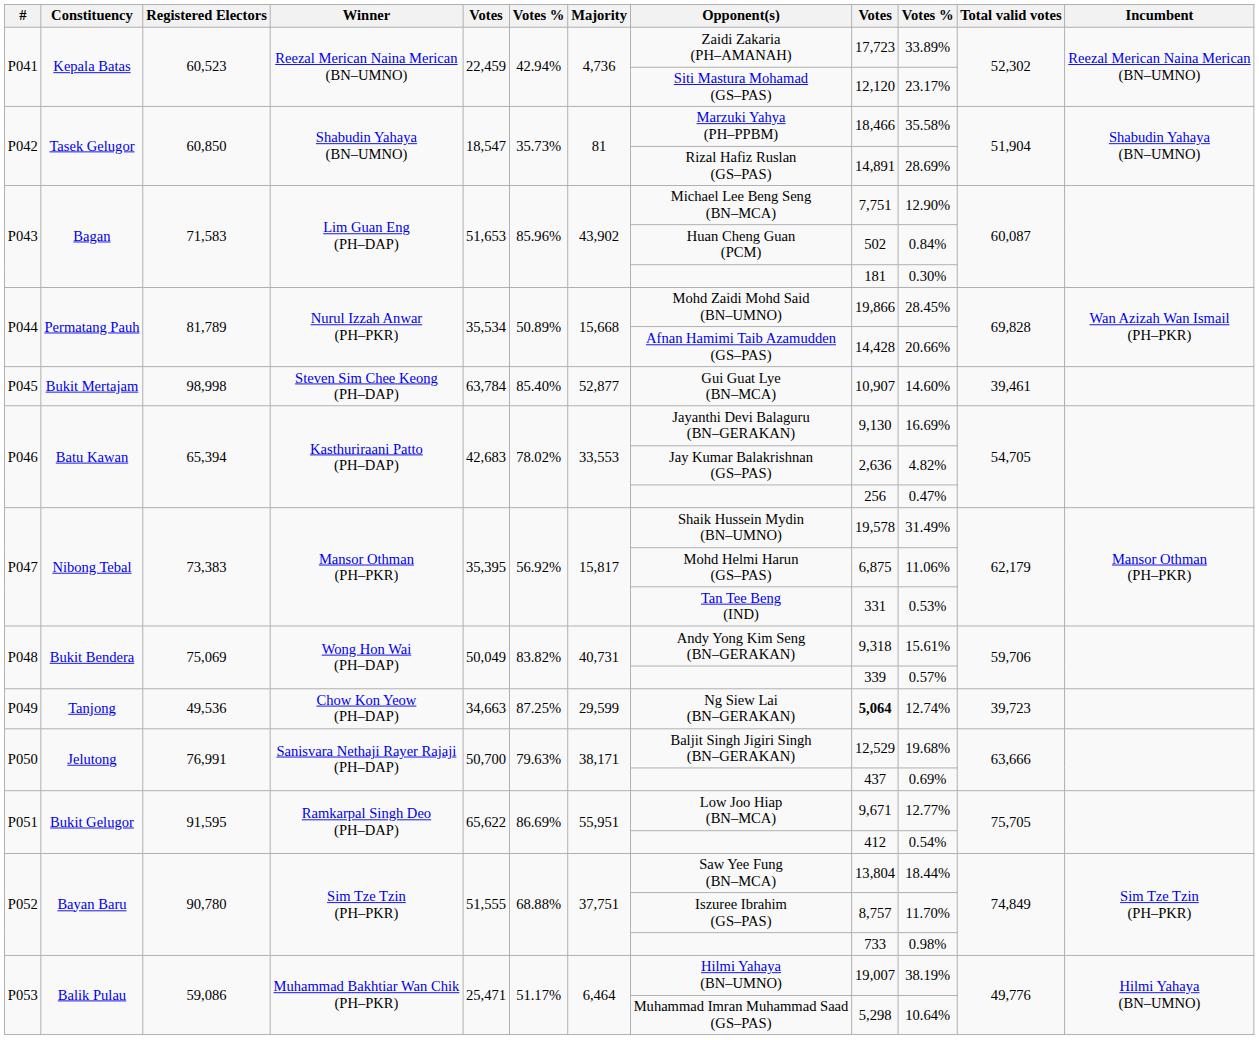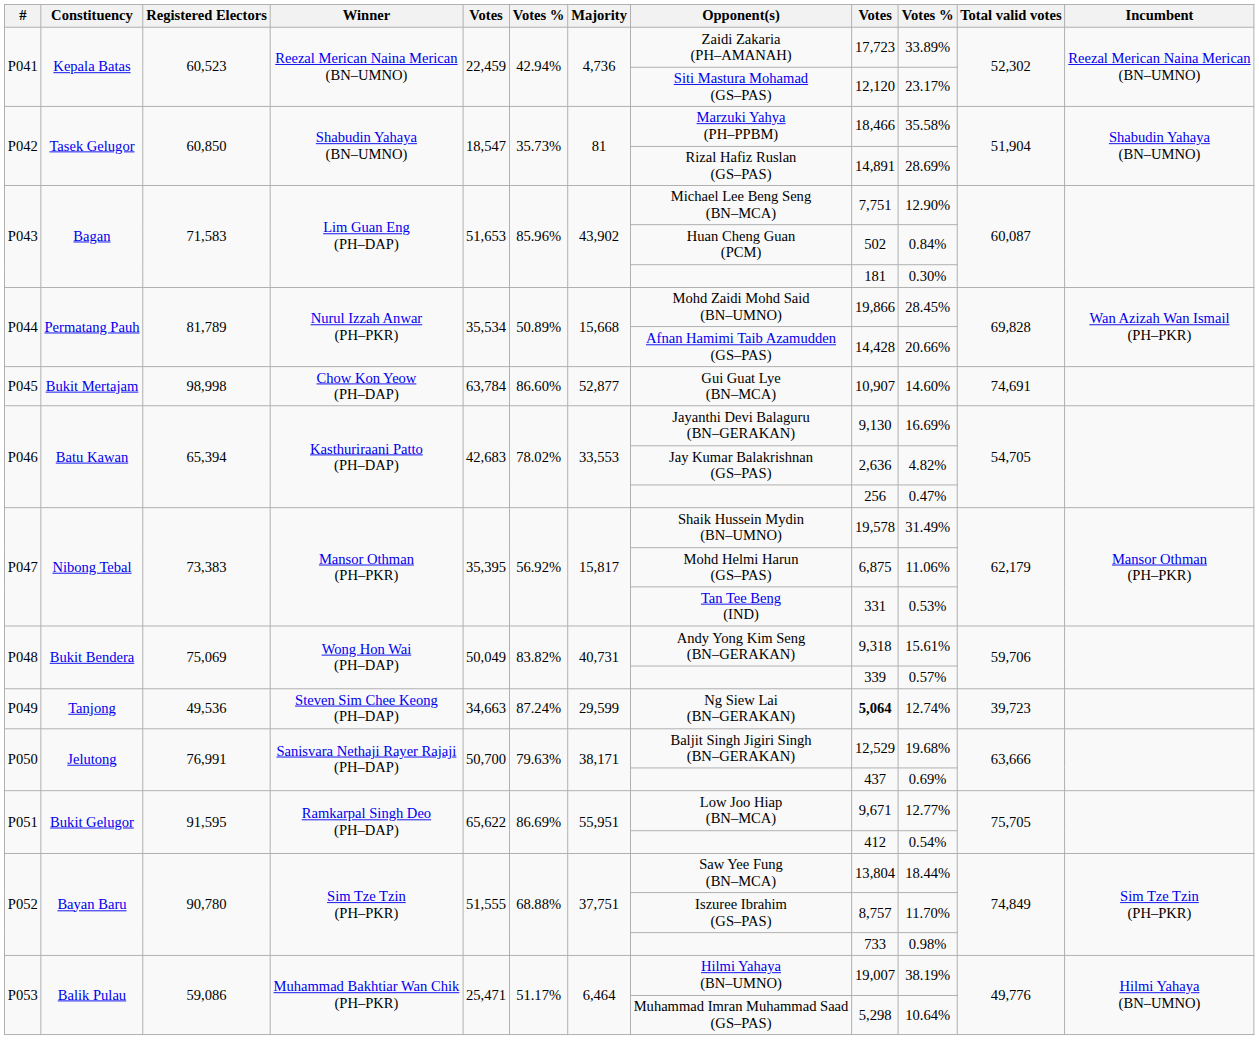 <table class="wikitable sortable" style">
 <tr>
 <th>#</th>
 <th>Constituency</th>
 <th>Registered Electors</th>
 <th>Winner</th>
 <th>Votes</th>
 <th>Votes %</th>
 <th>Majority</th>
 <th>Opponent(s)</th>
 <th>Votes</th>
 <th>Votes %</th>
 <th>Total valid votes</th>
 <th>Incumbent</th>
 </tr>
 <tr align="center">
 <td rowspan=2>P041</td>
 <td rowspan=2><a href='#'>Kepala Batas</a></td>
 <td rowspan=2>60,523</td>
 <td rowspan=2><a href='#'>Reezal Merican Naina Merican</a><br>(BN–UMNO)</td>
 <td rowspan=2>22,459</td>
 <td rowspan=2>42.94%</td>
 <td rowspan=2>4,736</td>
 <td>Zaidi Zakaria<br>(PH–AMANAH)</td>
 <td>17,723</td>
 <td>33.89%</td>
 <td rowspan=2>52,302</td>
 <td rowspan=2><a href='#'>Reezal Merican Naina Merican</a><br>(BN–UMNO)</td>
 </tr>
 <tr align="center">
 <td><a href='#'>Siti Mastura Mohamad</a><br>(GS–PAS)</td>
 <td>12,120</td>
 <td>23.17%</td>
 </tr>
 <tr align="center">
 <td rowspan=2>P042</td>
 <td rowspan=2><a href='#'>Tasek Gelugor</a></td>
 <td rowspan=2>60,850</td>
 <td rowspan=2><a href='#'>Shabudin Yahaya</a><br>(BN–UMNO)</td>
 <td rowspan=2>18,547</td>
 <td rowspan=2>35.73%</td>
 <td rowspan=2>81</td>
 <td><a href='#'>Marzuki Yahya</a><br>(PH–PPBM)</td>
 <td>18,466</td>
 <td>35.58%</td>
 <td rowspan=2>51,904</td>
 <td rowspan=2><a href='#'>Shabudin Yahaya</a><br>(BN–UMNO)</td>
 </tr>
 <tr align="center">
 <td>Rizal Hafiz Ruslan<br>(GS–PAS)</td>
 <td>14,891</td>
 <td>28.69%</td>
 </tr>
 <tr align="center">
 <td rowspan=3>P043</td>
 <td rowspan=3><a href='#'>Bagan</a></td>
 <td rowspan=3>71,583</td>
 <td rowspan=3><a href='#'>Lim Guan Eng</a><br>(PH–DAP)</td>
 <td rowspan=3>51,653</td>
 <td rowspan=3>85.96%</td>
 <td rowspan=3>43,902</td>
 <td>Michael Lee Beng Seng<br>(BN–MCA)</td>
 <td>7,751</td>
 <td>12.90%</td>
 <td rowspan=3>60,087</td>
 <td rowspan=3></td>
 </tr>
 <tr align="center">
 <td>Huan Cheng Guan<br>(PCM)</td>
 <td>502</td>
 <td>0.84%</td>
 </tr>
 <tr align="center">
 <td></td>
 <td>181</td>
 <td>0.30%</td>
 </tr>
 <tr align="center">
 <td rowspan=2>P044</td>
 <td rowspan=2><a href='#'>Permatang Pauh</a></td>
 <td rowspan=2>81,789</td>
 <td rowspan=2><a href='#'>Nurul Izzah Anwar</a><br>(PH–PKR)</td>
 <td rowspan=2>35,534</td>
 <td rowspan=2>50.89%</td>
 <td rowspan=2>15,668</td>
 <td>Mohd Zaidi Mohd Said<br>(BN–UMNO)</td>
 <td>19,866</td>
 <td>28.45%</td>
 <td rowspan=2>69,828</td>
 <td rowspan=2><a href='#'>Wan Azizah Wan Ismail</a><br>(PH–PKR)</td>
 </tr>
 <tr align="center">
 <td><a href='#'>Afnan Hamimi Taib Azamudden</a><br>(GS–PAS)</td>
 <td>14,428</td>
 <td>20.66%</td>
 </tr>
 <tr align="center">
 <td rowspan=1>P045</td>
 <td rowspan=1><a href='#'>Bukit Mertajam</a></td>
 <td rowspan=1>98,998</td>
-<td rowspan=1><a href='#'>Steven Sim Chee Keong</a><br>(PH–DAP)</td>
+<td rowspan=1><a href='#'>Chow Kon Yeow</a><br>(PH–DAP)</td>
 <td rowspan=1>63,784</td>
-<td rowspan=1>85.40%</td>
+<td rowspan=1>86.60%</td>
 <td rowspan=1>52,877</td>
 <td>Gui Guat Lye<br>(BN–MCA)</td>
 <td>10,907</td>
 <td>14.60%</td>
-<td rowspan=1>39,461</td>
+<td rowspan=1>74,691</td>
 <td rowspan=1></td>
 </tr>
 <tr align="center">
 <td rowspan=3>P046</td>
 <td rowspan=3><a href='#'>Batu Kawan</a></td>
 <td rowspan=3>65,394</td>
 <td rowspan=3><a href='#'>Kasthuriraani Patto</a><br>(PH–DAP)</td>
 <td rowspan=3>42,683</td>
 <td rowspan=3>78.02%</td>
 <td rowspan=3>33,553</td>
 <td>Jayanthi Devi Balaguru<br>(BN–GERAKAN)</td>
 <td>9,130</td>
 <td>16.69%</td>
 <td rowspan=3>54,705</td>
 <td rowspan=3></td>
 </tr>
 <tr align="center">
 <td>Jay Kumar Balakrishnan<br>(GS–PAS)</td>
 <td>2,636</td>
 <td>4.82%</td>
 </tr>
 <tr align="center">
 <td></td>
 <td>256</td>
 <td>0.47%</td>
 </tr>
 <tr align="center">
 <td rowspan=3>P047</td>
 <td rowspan=3><a href='#'>Nibong Tebal</a></td>
 <td rowspan=3>73,383</td>
 <td rowspan=3><a href='#'>Mansor Othman</a><br>(PH–PKR)</td>
 <td rowspan=3>35,395</td>
 <td rowspan=3>56.92%</td>
 <td rowspan=3>15,817</td>
 <td>Shaik Hussein Mydin<br>(BN–UMNO)</td>
 <td>19,578</td>
 <td>31.49%</td>
 <td rowspan=3>62,179</td>
 <td rowspan=3><a href='#'>Mansor Othman</a><br>(PH–PKR)</td>
 </tr>
 <tr align="center">
 <td>Mohd Helmi Harun<br>(GS–PAS)</td>
 <td>6,875</td>
 <td>11.06%</td>
 </tr>
 <tr align="center">
 <td><a href='#'>Tan Tee Beng</a><br>(IND)</td>
 <td>331</td>
 <td>0.53%</td>
 </tr>
 <tr align="center">
 <td rowspan=2>P048</td>
 <td rowspan=2><a href='#'>Bukit Bendera</a></td>
 <td rowspan=2>75,069</td>
 <td rowspan=2><a href='#'>Wong Hon Wai</a><br>(PH–DAP)</td>
 <td rowspan=2>50,049</td>
 <td rowspan=2>83.82%</td>
 <td rowspan=2>40,731</td>
 <td>Andy Yong Kim Seng<br>(BN–GERAKAN)</td>
 <td>9,318</td>
 <td>15.61%</td>
 <td rowspan=2>59,706</td>
 <td rowspan=2></td>
 </tr>
 <tr align="center">
 <td></td>
 <td>339</td>
 <td>0.57%</td>
 </tr>
 <tr align="center">
 <td rowspan=1>P049</td>
 <td rowspan=1><a href='#'>Tanjong</a></td>
 <td rowspan=1>49,536</td>
-<td rowspan=1><a href='#'>Chow Kon Yeow</a><br>(PH–DAP)</td>
+<td rowspan=1><a href='#'>Steven Sim Chee Keong</a><br>(PH–DAP)</td>
 <td rowspan=1>34,663</td>
-<td rowspan=1>87.25%</td>
+<td rowspan=1>87.24%</td>
 <td rowspan=1>29,599</td>
 <td>Ng Siew Lai<br>(BN–GERAKAN)</td>
 <td><strong>5,064</strong></td>
 <td>12.74%</td>
 <td rowspan=1>39,723</td>
 <td rowspan=1></td>
 </tr>
 <tr align="center">
 <td rowspan=2>P050</td>
 <td rowspan=2><a href='#'>Jelutong</a></td>
 <td rowspan=2>76,991</td>
 <td rowspan=2><a href='#'>Sanisvara Nethaji Rayer Rajaji</a><br>(PH–DAP)</td>
 <td rowspan=2>50,700</td>
 <td rowspan=2>79.63%</td>
 <td rowspan=2>38,171</td>
 <td>Baljit Singh Jigiri Singh<br>(BN–GERAKAN)</td>
 <td>12,529</td>
 <td>19.68%</td>
 <td rowspan=2>63,666</td>
 <td rowspan=2></td>
 </tr>
 <tr align="center">
 <td></td>
 <td>437</td>
 <td>0.69%</td>
 </tr>
 <tr align="center">
 <td rowspan=2>P051</td>
 <td rowspan=2><a href='#'>Bukit Gelugor</a></td>
 <td rowspan=2>91,595</td>
 <td rowspan=2><a href='#'>Ramkarpal Singh Deo</a><br>(PH–DAP)</td>
 <td rowspan=2>65,622</td>
 <td rowspan=2>86.69%</td>
 <td rowspan=2>55,951</td>
 <td>Low Joo Hiap<br>(BN–MCA)</td>
 <td>9,671</td>
 <td>12.77%</td>
 <td rowspan=2>75,705</td>
 <td rowspan=2></td>
 </tr>
 <tr align="center">
 <td></td>
 <td>412</td>
 <td>0.54%</td>
 </tr>
 <tr align="center">
 <td rowspan=3>P052</td>
 <td rowspan=3><a href='#'>Bayan Baru</a></td>
 <td rowspan=3>90,780</td>
 <td rowspan=3><a href='#'>Sim Tze Tzin</a><br>(PH–PKR)</td>
 <td rowspan=3>51,555</td>
 <td rowspan=3>68.88%</td>
 <td rowspan=3>37,751</td>
 <td>Saw Yee Fung<br>(BN–MCA)</td>
 <td>13,804</td>
 <td>18.44%</td>
 <td rowspan=3>74,849</td>
 <td rowspan=3><a href='#'>Sim Tze Tzin</a><br>(PH–PKR)</td>
 </tr>
 <tr align="center">
 <td>Iszuree Ibrahim<br>(GS–PAS)</td>
 <td>8,757</td>
 <td>11.70%</td>
 </tr>
 <tr align="center">
 <td></td>
 <td>733</td>
 <td>0.98%</td>
 </tr>
 <tr align="center">
 <td rowspan=2>P053</td>
 <td rowspan=2><a href='#'>Balik Pulau</a></td>
 <td rowspan=2>59,086</td>
 <td rowspan=2><a href='#'>Muhammad Bakhtiar Wan Chik</a><br>(PH–PKR)</td>
 <td rowspan=2>25,471</td>
 <td rowspan=2>51.17%</td>
 <td rowspan=2>6,464</td>
 <td><a href='#'>Hilmi Yahaya</a><br>(BN–UMNO)</td>
 <td>19,007</td>
 <td>38.19%</td>
 <td rowspan=2>49,776</td>
 <td rowspan=2><a href='#'>Hilmi Yahaya</a><br>(BN–UMNO)</td>
 </tr>
 <tr align="center">
 <td>Muhammad Imran Muhammad Saad<br>(GS–PAS)</td>
 <td>5,298</td>
 <td>10.64%</td>
 </tr>
 </table>
